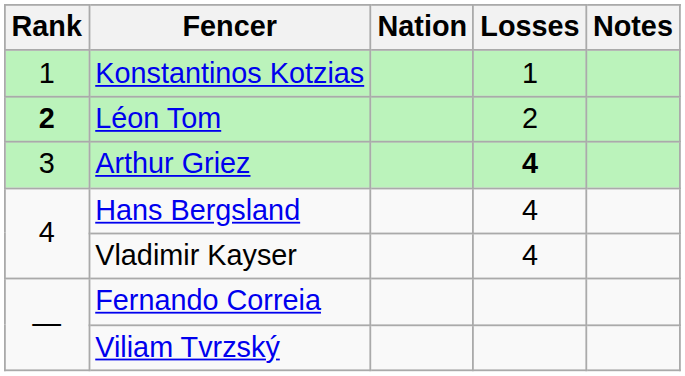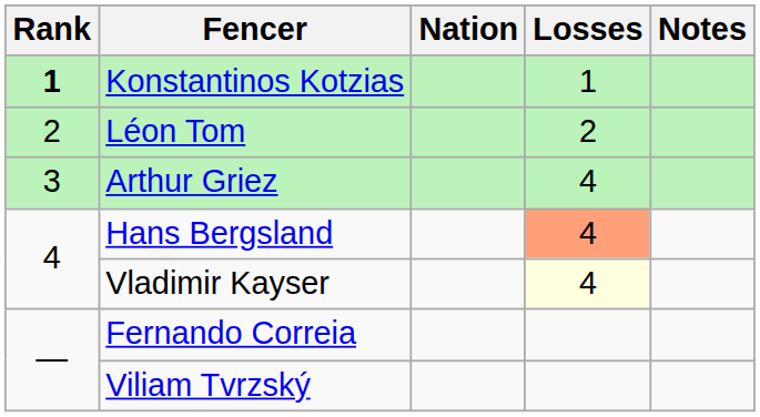 <table class="wikitable sortable" style="text-align:center">
 <tr>
 <th>Rank</th>
 <th>Fencer</th>
 <th>Nation</th>
 <th>Losses</th>
 <th>Notes</th>
 </tr>
 <tr bgcolor=bbf3bb>
-<td>1</td>
+<td><strong>1</strong></td>
 <td align=left><a href='#'>Konstantinos Kotzias</a></td>
 <td align=left></td>
 <td>1</td>
 <td></td>
 </tr>
 <tr bgcolor=bbf3bb>
-<td><strong>2</strong></td>
+<td>2</td>
 <td align=left><a href='#'>Léon Tom</a></td>
 <td align=left></td>
 <td>2</td>
 <td></td>
 </tr>
 <tr bgcolor=bbf3bb>
 <td>3</td>
 <td align=left><a href='#'>Arthur Griez</a></td>
 <td align=left></td>
-<td><strong>4</strong></td>
+<td>4</td>
 <td></td>
 </tr>
 <tr>
 <td rowspan=2>4</td>
 <td align=left><a href='#'>Hans Bergsland</a></td>
 <td align=left></td>
-<td>4</td>
+<td style="background: lightsalmon;">4</td>
 <td></td>
 </tr>
 <tr>
 <td align=left>Vladimir Kayser</td>
 <td align=left></td>
-<td>4</td>
+<td style="background: lightyellow;">4</td>
 <td></td>
 </tr>
 <tr>
 <td rowspan=2>—</td>
 <td align=left><a href='#'>Fernando Correia</a></td>
 <td align=left></td>
 <td></td>
 <td></td>
 </tr>
 <tr>
 <td align=left><a href='#'>Viliam Tvrzský</a></td>
 <td align=left></td>
 <td></td>
 <td></td>
 </tr>
 </table>
